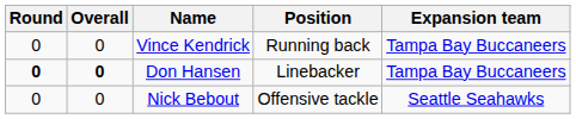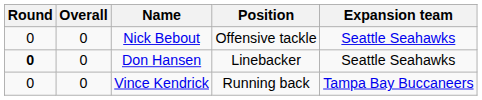 <table class="wikitable" style="text-align:center">
 <tr>
 <th>Round</th>
 <th>Overall</th>
 <th>Name</th>
 <th>Position</th>
 <th>Expansion team</th>
 </tr>
 <tr>
 <td>0</td>
 <td>0</td>
+<td><a href='#'>Nick Bebout</a></td>
+<td>Offensive tackle</td>
+<td><a href='#'>Seattle Seahawks</a></td>
+</tr>
+<tr>
+<td><strong>0</strong></td>
+<td>0</td>
+<td><a href='#'>Don Hansen</a></td>
+<td>Linebacker</td>
+<td>Seattle Seahawks</td>
+</tr>
+<tr>
+<td>0</td>
+<td>0</td>
 <td><a href='#'>Vince Kendrick</a></td>
 <td>Running back</td>
 <td><a href='#'>Tampa Bay Buccaneers</a></td>
 </tr>
-<tr>
-<td><strong>0</strong></td>
-<td><strong>0</strong></td>
-<td><a href='#'>Don Hansen</a></td>
-<td>Linebacker</td>
-<td><a href='#'>Tampa Bay Buccaneers</a></td>
-</tr>
-<tr>
-<td>0</td>
-<td>0</td>
-<td><a href='#'>Nick Bebout</a></td>
-<td>Offensive tackle</td>
-<td><a href='#'>Seattle Seahawks</a></td>
-</tr>
 </table>
